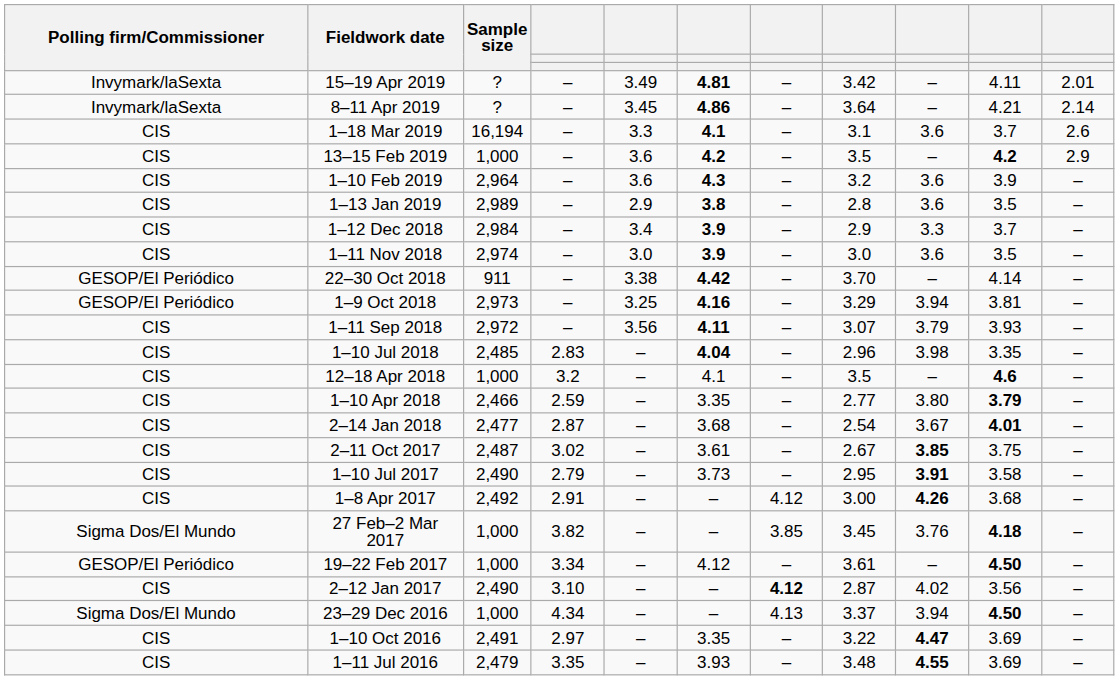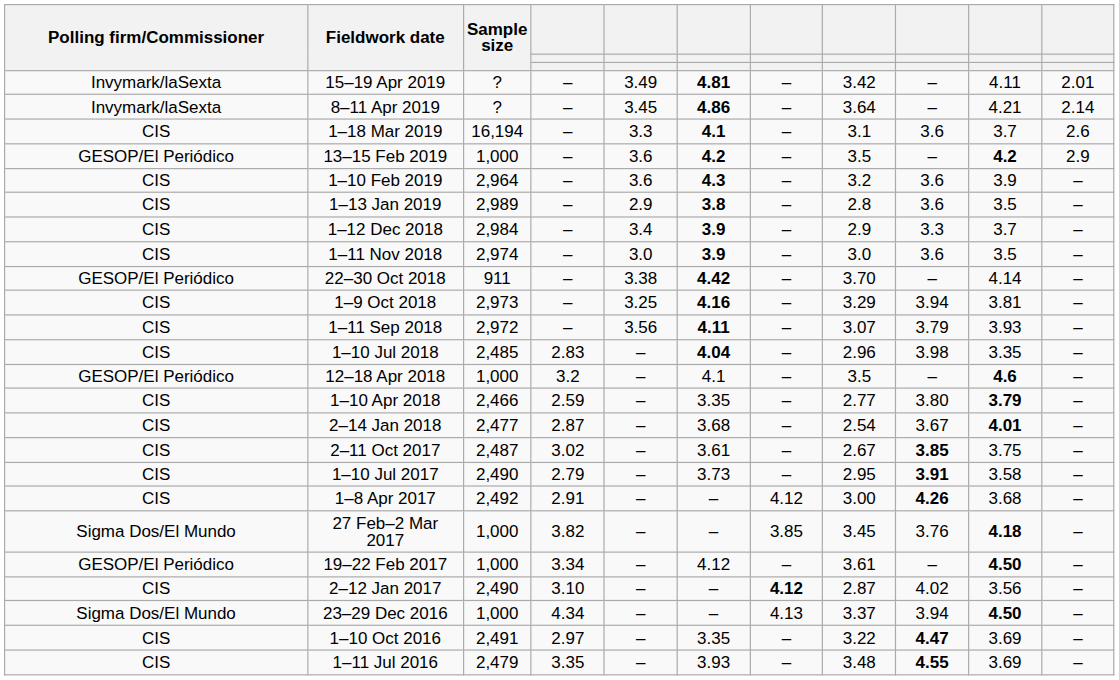 <table class="wikitable collapsible collapsed" style="text-align:center; font-size:90%; line-height:14px;">
 <tr style="height:42px;">
 <th style="width:250px;" rowspan="3">Polling firm/Commissioner</th>
 <th style="width:125px;" rowspan="3">Fieldwork date</th>
 <th style="width:50px;" rowspan="3">Sample size</th>
 <th style="width:55px;"></th>
 <th style="width:55px;"></th>
 <th style="width:55px;"></th>
 <th style="width:55px;"></th>
 <th style="width:55px;"></th>
 <th style="width:55px;"></th>
 <th style="width:55px;"></th>
 <th style="width:55px;"></th>
 </tr>
 <tr>
 <th style="color:inherit;background:"></th>
 <th style="color:inherit;background:"></th>
 <th style="color:inherit;background:"></th>
 <th style="color:inherit;background:"></th>
 <th style="color:inherit;background:"></th>
 <th style="color:inherit;background:"></th>
 <th style="color:inherit;background:"></th>
 <th style="color:inherit;background:"></th>
 </tr>
 <tr>
 <th></th>
 <th></th>
 <th></th>
 <th></th>
 <th></th>
 <th></th>
 <th></th>
 <th></th>
 </tr>
 <tr>
 <td>Invymark/laSexta</td>
 <td>15–19 Apr 2019</td>
 <td>?</td>
 <td>–</td>
 <td>3.49</td>
 <td><strong>4.81</strong></td>
 <td>–</td>
 <td>3.42</td>
 <td>–</td>
 <td>4.11</td>
 <td>2.01</td>
 </tr>
 <tr>
 <td>Invymark/laSexta</td>
 <td>8–11 Apr 2019</td>
 <td>?</td>
 <td>–</td>
 <td>3.45</td>
 <td><strong>4.86</strong></td>
 <td>–</td>
 <td>3.64</td>
 <td>–</td>
 <td>4.21</td>
 <td>2.14</td>
 </tr>
 <tr>
 <td>CIS</td>
 <td>1–18 Mar 2019</td>
 <td>16,194</td>
 <td>–</td>
 <td>3.3</td>
 <td><strong>4.1</strong></td>
 <td>–</td>
 <td>3.1</td>
 <td>3.6</td>
 <td>3.7</td>
 <td>2.6</td>
 </tr>
 <tr>
-<td>CIS</td>
+<td>GESOP/El Periódico</td>
 <td>13–15 Feb 2019</td>
 <td>1,000</td>
 <td>–</td>
 <td>3.6</td>
 <td><strong>4.2</strong></td>
 <td>–</td>
 <td>3.5</td>
 <td>–</td>
 <td><strong>4.2</strong></td>
 <td>2.9</td>
 </tr>
 <tr>
 <td>CIS</td>
 <td>1–10 Feb 2019</td>
 <td>2,964</td>
 <td>–</td>
 <td>3.6</td>
 <td><strong>4.3</strong></td>
 <td>–</td>
 <td>3.2</td>
 <td>3.6</td>
 <td>3.9</td>
 <td>–</td>
 </tr>
 <tr>
 <td>CIS</td>
 <td>1–13 Jan 2019</td>
 <td>2,989</td>
 <td>–</td>
 <td>2.9</td>
 <td><strong>3.8</strong></td>
 <td>–</td>
 <td>2.8</td>
 <td>3.6</td>
 <td>3.5</td>
 <td>–</td>
 </tr>
 <tr>
 <td>CIS</td>
 <td>1–12 Dec 2018</td>
 <td>2,984</td>
 <td>–</td>
 <td>3.4</td>
 <td><strong>3.9</strong></td>
 <td>–</td>
 <td>2.9</td>
 <td>3.3</td>
 <td>3.7</td>
 <td>–</td>
 </tr>
 <tr>
 <td>CIS</td>
 <td>1–11 Nov 2018</td>
 <td>2,974</td>
 <td>–</td>
 <td>3.0</td>
 <td><strong>3.9</strong></td>
 <td>–</td>
 <td>3.0</td>
 <td>3.6</td>
 <td>3.5</td>
 <td>–</td>
 </tr>
 <tr>
 <td>GESOP/El Periódico</td>
 <td>22–30 Oct 2018</td>
 <td>911</td>
 <td>–</td>
 <td>3.38</td>
 <td><strong>4.42</strong></td>
 <td>–</td>
 <td>3.70</td>
 <td>–</td>
 <td>4.14</td>
 <td>–</td>
 </tr>
 <tr>
-<td>GESOP/El Periódico</td>
+<td>CIS</td>
 <td>1–9 Oct 2018</td>
 <td>2,973</td>
 <td>–</td>
 <td>3.25</td>
 <td><strong>4.16</strong></td>
 <td>–</td>
 <td>3.29</td>
 <td>3.94</td>
 <td>3.81</td>
 <td>–</td>
 </tr>
 <tr>
 <td>CIS</td>
 <td>1–11 Sep 2018</td>
 <td>2,972</td>
 <td>–</td>
 <td>3.56</td>
 <td><strong>4.11</strong></td>
 <td>–</td>
 <td>3.07</td>
 <td>3.79</td>
 <td>3.93</td>
 <td>–</td>
 </tr>
 <tr>
 <td>CIS</td>
 <td>1–10 Jul 2018</td>
 <td>2,485</td>
 <td>2.83</td>
 <td>–</td>
 <td><strong>4.04</strong></td>
 <td>–</td>
 <td>2.96</td>
 <td>3.98</td>
 <td>3.35</td>
 <td>–</td>
 </tr>
 <tr>
-<td>CIS</td>
+<td>GESOP/El Periódico</td>
 <td>12–18 Apr 2018</td>
 <td>1,000</td>
 <td>3.2</td>
 <td>–</td>
 <td>4.1</td>
 <td>–</td>
 <td>3.5</td>
 <td>–</td>
 <td><strong>4.6</strong></td>
 <td>–</td>
 </tr>
 <tr>
 <td>CIS</td>
 <td>1–10 Apr 2018</td>
 <td>2,466</td>
 <td>2.59</td>
 <td>–</td>
 <td>3.35</td>
 <td>–</td>
 <td>2.77</td>
 <td>3.80</td>
 <td><strong>3.79</strong></td>
 <td>–</td>
 </tr>
 <tr>
 <td>CIS</td>
 <td>2–14 Jan 2018</td>
 <td>2,477</td>
 <td>2.87</td>
 <td>–</td>
 <td>3.68</td>
 <td>–</td>
 <td>2.54</td>
 <td>3.67</td>
 <td><strong>4.01</strong></td>
 <td>–</td>
 </tr>
 <tr>
 <td>CIS</td>
 <td>2–11 Oct 2017</td>
 <td>2,487</td>
 <td>3.02</td>
 <td>–</td>
 <td>3.61</td>
 <td>–</td>
 <td>2.67</td>
 <td><strong>3.85</strong></td>
 <td>3.75</td>
 <td>–</td>
 </tr>
 <tr>
 <td>CIS</td>
 <td>1–10 Jul 2017</td>
 <td>2,490</td>
 <td>2.79</td>
 <td>–</td>
 <td>3.73</td>
 <td>–</td>
 <td>2.95</td>
 <td><strong>3.91</strong></td>
 <td>3.58</td>
 <td>–</td>
 </tr>
 <tr>
 <td>CIS</td>
 <td>1–8 Apr 2017</td>
 <td>2,492</td>
 <td>2.91</td>
 <td>–</td>
 <td>–</td>
 <td>4.12</td>
 <td>3.00</td>
 <td><strong>4.26</strong></td>
 <td>3.68</td>
 <td>–</td>
 </tr>
 <tr>
 <td>Sigma Dos/El Mundo</td>
 <td>27 Feb–2 Mar 2017</td>
 <td>1,000</td>
 <td>3.82</td>
 <td>–</td>
 <td>–</td>
 <td>3.85</td>
 <td>3.45</td>
 <td>3.76</td>
 <td><strong>4.18</strong></td>
 <td>–</td>
 </tr>
 <tr>
 <td>GESOP/El Periódico</td>
 <td>19–22 Feb 2017</td>
 <td>1,000</td>
 <td>3.34</td>
 <td>–</td>
 <td>4.12</td>
 <td>–</td>
 <td>3.61</td>
 <td>–</td>
 <td><strong>4.50</strong></td>
 <td>–</td>
 </tr>
 <tr>
 <td>CIS</td>
 <td>2–12 Jan 2017</td>
 <td>2,490</td>
 <td>3.10</td>
 <td>–</td>
 <td>–</td>
 <td><strong>4.12</strong></td>
 <td>2.87</td>
 <td>4.02</td>
 <td>3.56</td>
 <td>–</td>
 </tr>
 <tr>
 <td>Sigma Dos/El Mundo</td>
 <td>23–29 Dec 2016</td>
 <td>1,000</td>
 <td>4.34</td>
 <td>–</td>
 <td>–</td>
 <td>4.13</td>
 <td>3.37</td>
 <td>3.94</td>
 <td><strong>4.50</strong></td>
 <td>–</td>
 </tr>
 <tr>
 <td>CIS</td>
 <td>1–10 Oct 2016</td>
 <td>2,491</td>
 <td>2.97</td>
 <td>–</td>
 <td>3.35</td>
 <td>–</td>
 <td>3.22</td>
 <td><strong>4.47</strong></td>
 <td>3.69</td>
 <td>–</td>
 </tr>
 <tr>
 <td>CIS</td>
 <td>1–11 Jul 2016</td>
 <td>2,479</td>
 <td>3.35</td>
 <td>–</td>
 <td>3.93</td>
 <td>–</td>
 <td>3.48</td>
 <td><strong>4.55</strong></td>
 <td>3.69</td>
 <td>–</td>
 </tr>
 </table>
